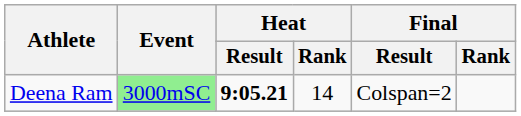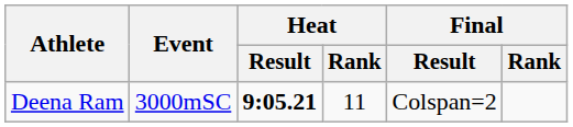 <table class="wikitable" style="font-size:90%">
 <tr>
 <th rowspan="2">Athlete</th>
 <th rowspan="2">Event</th>
 <th colspan="2">Heat</th>
 <th colspan="2">Final</th>
 </tr>
 <tr style="font-size:95%">
 <th>Result</th>
 <th>Rank</th>
 <th>Result</th>
 <th>Rank</th>
 </tr>
 <tr style="text-align:center">
 <td style="text-align:left"><a href='#'>Deena Ram</a></td>
-<td style="background: lightgreen; text-align:left"><a href='#'>3000mSC</a></td>
+<td style="text-align:left"><a href='#'>3000mSC</a></td>
 <td><strong>9:05.21</strong></td>
-<td>14</td>
+<td>11</td>
 <td>Colspan=2 </td>
 </tr>
 </table>
